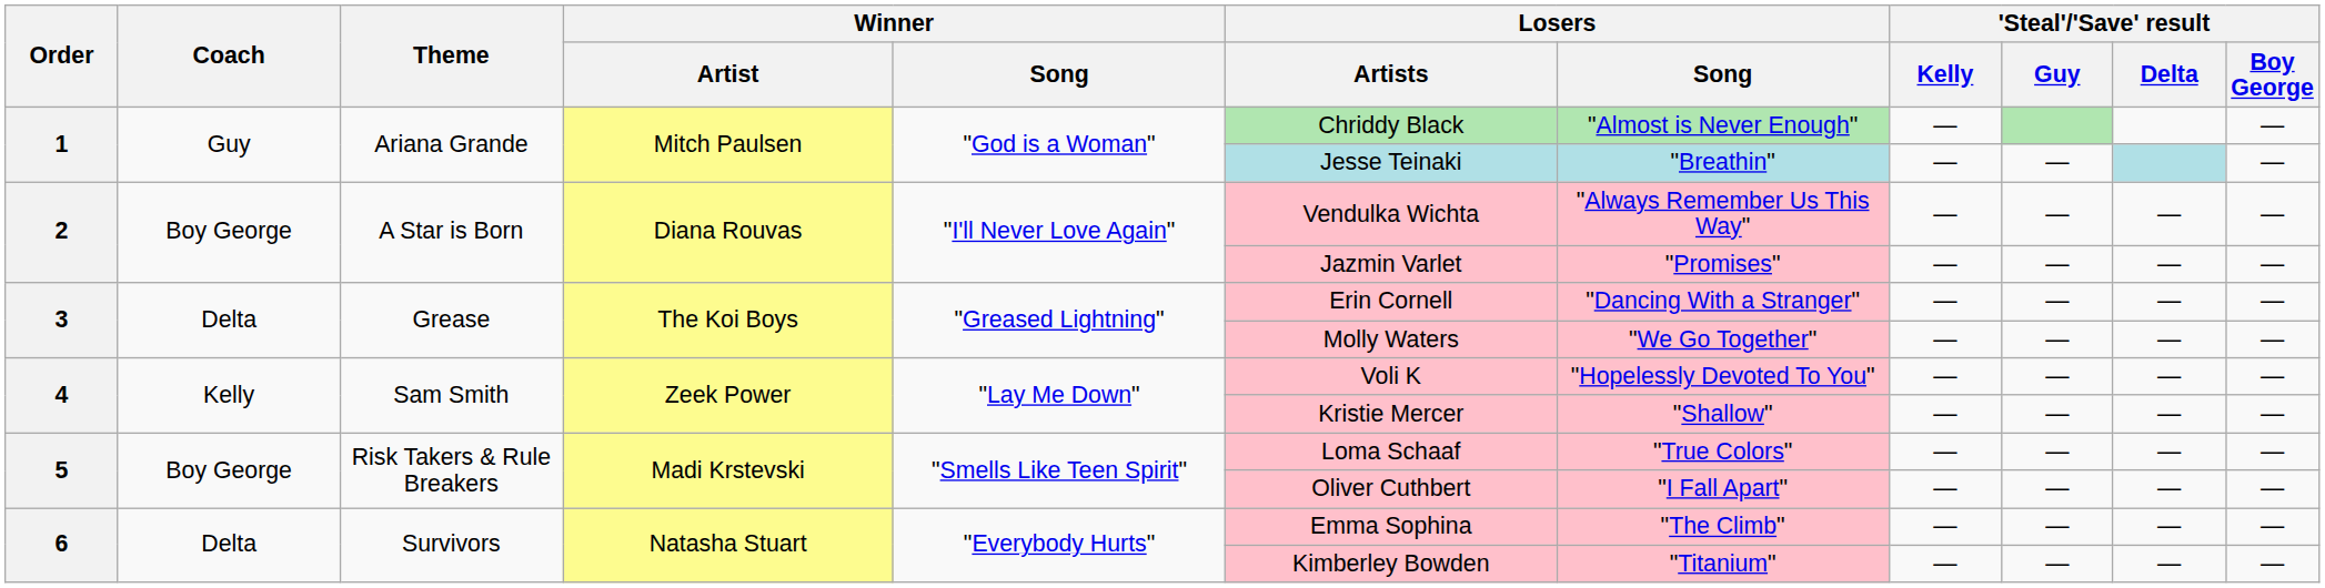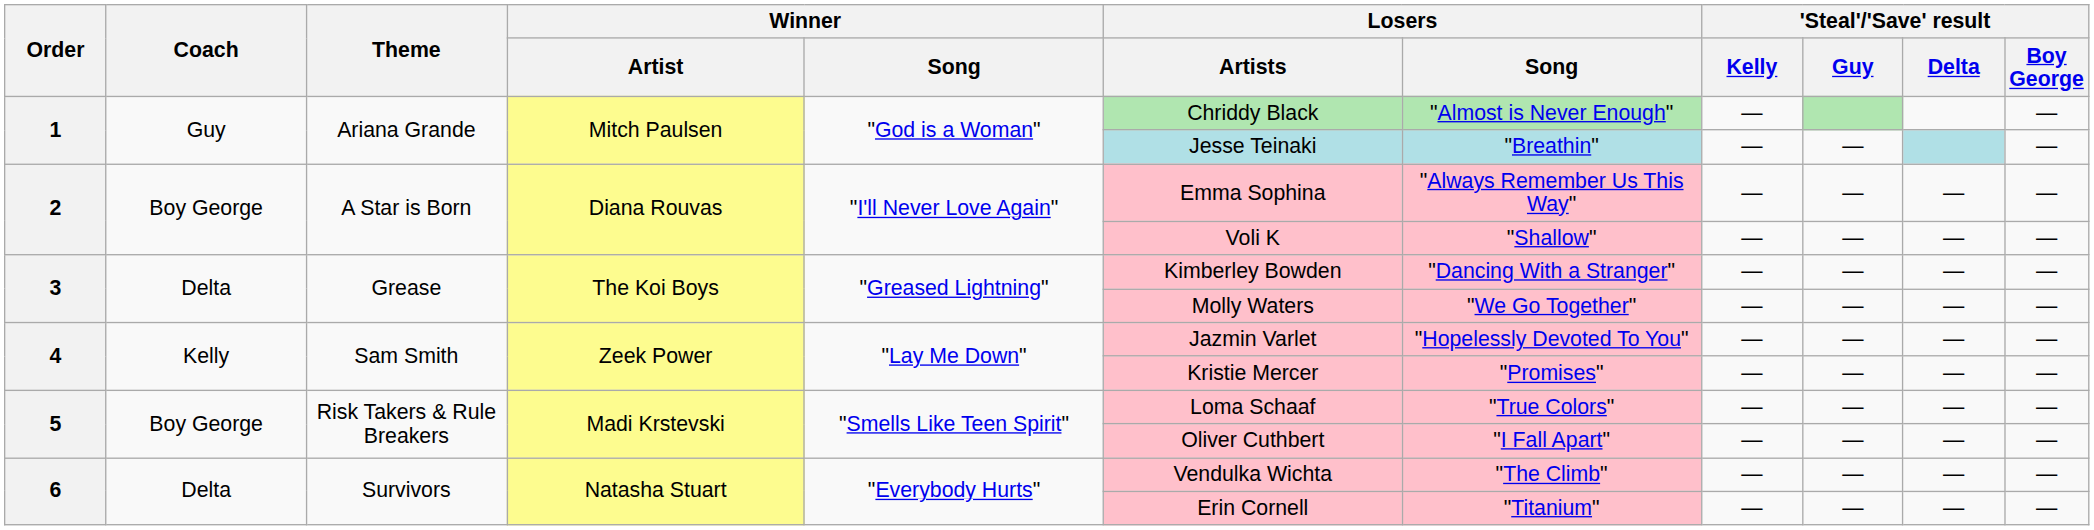 <table class="wikitable" style="text-align: center; width: auto;">
 <tr>
 <th rowspan="2" style="width:5%;">Order</th>
 <th rowspan="2" style="width:10%;">Coach</th>
 <th rowspan="2" Boy George style="width:10%;">Theme</th>
 <th colspan="2" style="width:15%;">Winner</th>
 <th colspan="2" style="width:60%;">Losers</th>
 <th colspan="4" style="width:20%;">'Steal'/'Save' result</th>
 </tr>
 <tr>
 <th style="width:15%;">Artist</th>
 <th style="width:15%;">Song</th>
 <th style="width:15%;">Artists</th>
 <th style="width:15%;">Song</th>
 <th style="width:5%;"><a href='#'>Kelly</a></th>
 <th style="width:5%;"><a href='#'>Guy</a></th>
 <th style="width:5%;"><a href='#'>Delta</a></th>
 <th style="width:5%;"><a href='#'>Boy George</a></th>
 </tr>
 <tr>
 <th rowspan="2">1</th>
 <td rowspan="2">Guy</td>
 <td rowspan="2">Ariana Grande</td>
 <td rowspan="2" bgcolor="#fdfc8f">Mitch Paulsen</td>
 <td rowspan="2">"<a href='#'>God is a Woman</a>"</td>
 <td bgcolor="#b0e6b0">Chriddy Black</td>
 <td bgcolor="#b0e6b0">"<a href='#'>Almost is Never Enough</a>"</td>
 <td>—</td>
 <td style="background-color:#b0e6b0;"> <strong></strong> </td>
 <td> <strong></strong> </td>
 <td>—</td>
 </tr>
 <tr>
 <td bgcolor="#B0E0E6">Jesse Teinaki</td>
 <td bgcolor="#B0E0E6">"<a href='#'>Breathin</a>"</td>
 <td>—</td>
 <td>—</td>
 <td style="background-color:#B0E0E6;"> <strong></strong> </td>
 <td>—</td>
 </tr>
 <tr>
 <th rowspan="2">2</th>
 <td rowspan="2">Boy George</td>
 <td rowspan="2">A Star is Born</td>
 <td rowspan="2" bgcolor="#fdfc8f">Diana Rouvas</td>
 <td rowspan="2">"<a href='#'>I'll Never Love Again</a>"</td>
-<td bgcolor="pink">Vendulka Wichta</td>
+<td bgcolor="pink">Emma Sophina</td>
 <td bgcolor="pink">"<a href='#'>Always Remember Us This Way</a>"</td>
 <td>—</td>
 <td>—</td>
 <td>—</td>
 <td>—</td>
 </tr>
 <tr>
-<td bgcolor="pink">Jazmin Varlet</td>
-<td bgcolor="pink">"<a href='#'>Promises</a>"</td>
+<td bgcolor="pink">Voli K</td>
+<td bgcolor="pink">"<a href='#'>Shallow</a>"</td>
 <td>—</td>
 <td>—</td>
 <td>—</td>
 <td>—</td>
 </tr>
 <tr>
 <th rowspan="2">3</th>
 <td rowspan="2">Delta</td>
 <td rowspan="2">Grease</td>
 <td rowspan="2" bgcolor="#fdfc8f">The Koi Boys</td>
 <td rowspan="2">"<a href='#'>Greased Lightning</a>"</td>
-<td bgcolor="pink">Erin Cornell</td>
+<td bgcolor="pink">Kimberley Bowden</td>
 <td bgcolor="pink">"<a href='#'>Dancing With a Stranger</a>"</td>
 <td>—</td>
 <td>—</td>
 <td>—</td>
 <td>—</td>
 </tr>
 <tr>
 <td bgcolor="pink">Molly Waters</td>
 <td bgcolor="pink">"<a href='#'>We Go Together</a>"</td>
 <td>—</td>
 <td>—</td>
 <td>—</td>
 <td>—</td>
 </tr>
 <tr>
 <th rowspan="2">4</th>
 <td rowspan="2">Kelly</td>
 <td rowspan="2">Sam Smith</td>
 <td rowspan="2" bgcolor="#fdfc8f">Zeek Power</td>
 <td rowspan="2">"<a href='#'>Lay Me Down</a>"</td>
-<td bgcolor="pink">Voli K</td>
+<td bgcolor="pink">Jazmin Varlet</td>
 <td bgcolor="pink">"<a href='#'>Hopelessly Devoted To You</a>"</td>
 <td>—</td>
 <td>—</td>
 <td>—</td>
 <td>—</td>
 </tr>
 <tr>
 <td bgcolor="pink">Kristie Mercer</td>
-<td bgcolor="pink">"<a href='#'>Shallow</a>"</td>
+<td bgcolor="pink">"<a href='#'>Promises</a>"</td>
 <td>—</td>
 <td>—</td>
 <td>—</td>
 <td>—</td>
 </tr>
 <tr>
 <th rowspan="2">5</th>
 <td rowspan="2">Boy George</td>
 <td rowspan="2">Risk Takers & Rule Breakers</td>
 <td rowspan="2" bgcolor="#fdfc8f">Madi Krstevski</td>
 <td rowspan="2">"<a href='#'>Smells Like Teen Spirit</a>"</td>
 <td bgcolor="pink">Loma Schaaf</td>
 <td bgcolor="pink">"<a href='#'>True Colors</a>"</td>
 <td>—</td>
 <td>—</td>
 <td>—</td>
 <td>—</td>
 </tr>
 <tr>
 <td bgcolor="pink">Oliver Cuthbert</td>
 <td bgcolor="pink">"<a href='#'>I Fall Apart</a>"</td>
 <td>—</td>
 <td>—</td>
 <td>—</td>
 <td>—</td>
 </tr>
 <tr>
 <th rowspan="2">6</th>
 <td rowspan="2">Delta</td>
 <td rowspan="2">Survivors</td>
 <td rowspan="2" bgcolor="#fdfc8f">Natasha Stuart</td>
 <td rowspan="2">"<a href='#'>Everybody Hurts</a>"</td>
-<td bgcolor="pink">Emma Sophina</td>
+<td bgcolor="pink">Vendulka Wichta</td>
 <td bgcolor="pink">"<a href='#'>The Climb</a>"</td>
 <td>—</td>
 <td>—</td>
 <td>—</td>
 <td>—</td>
 </tr>
 <tr>
-<td bgcolor="pink">Kimberley Bowden</td>
+<td bgcolor="pink">Erin Cornell</td>
 <td bgcolor="pink">"<a href='#'>Titanium</a>"</td>
 <td>—</td>
 <td>—</td>
 <td>—</td>
 <td>—</td>
 </tr>
 </table>
